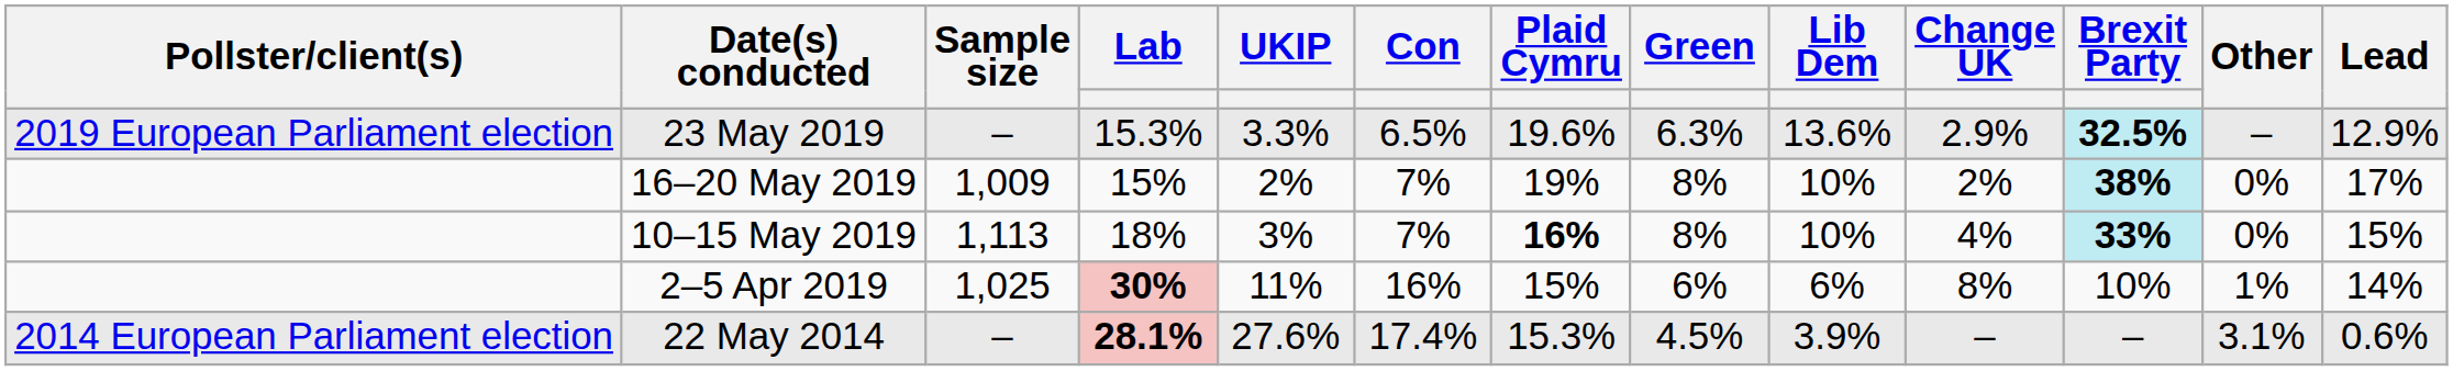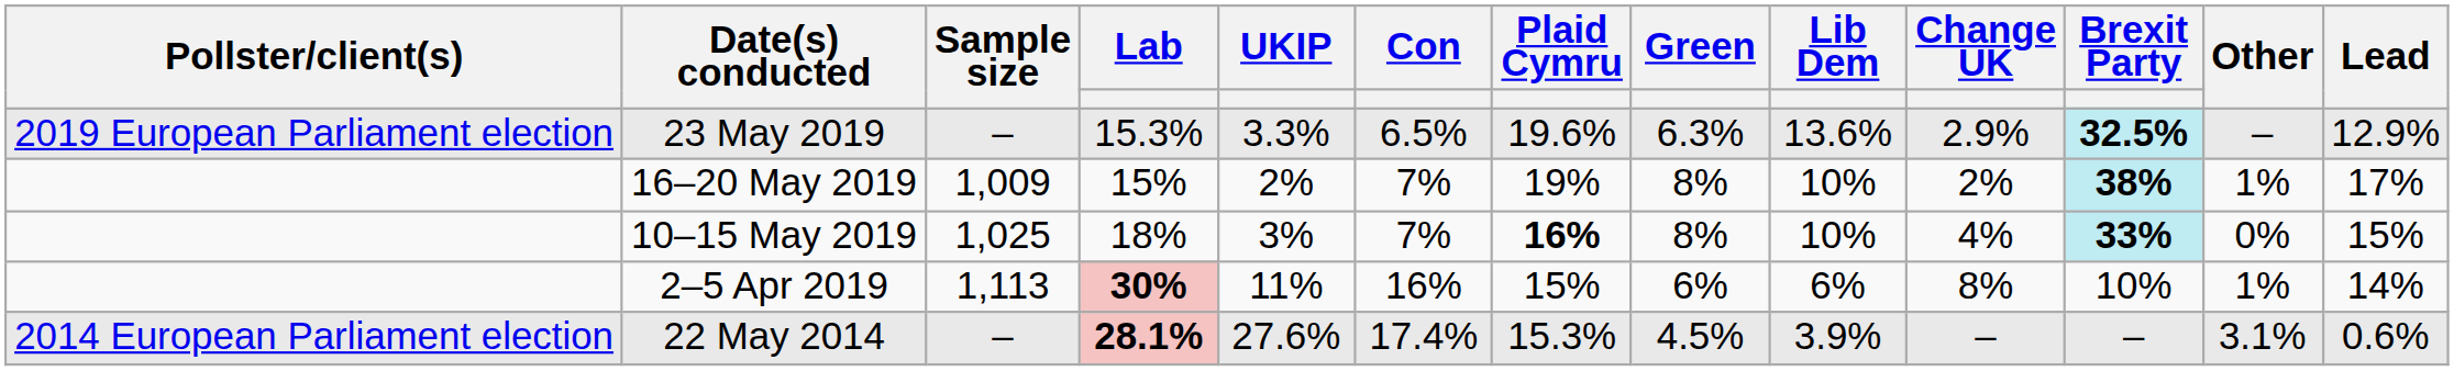 <table class="wikitable sortable mw-datatable" style="text-align:center;line-height:14px;">
 <tr>
 <th rowspan="2">Pollster/client(s)</th>
 <th rowspan="2">Date(s)<br>conducted</th>
 <th rowspan="2">Sample<br>size</th>
 <th class="unsortable" style="width:50px;"><a href='#'>Lab</a></th>
 <th class="unsortable" style="width:50px;"><a href='#'>UKIP</a></th>
 <th class="unsortable" style="width:50px;"><a href='#'>Con</a></th>
 <th class="unsortable" style="width:50px;"><a href='#'>Plaid Cymru</a></th>
 <th class="unsortable" style="width:50px;"><a href='#'>Green</a></th>
 <th class="unsortable" style="width:50px;"><a href='#'>Lib Dem</a></th>
 <th class="unsortable" style="width:50px;"><a href='#'>Change UK</a></th>
 <th class="unsortable" style="width:50px;"><a href='#'>Brexit Party</a></th>
 <th class="unsortable" rowspan="2">Other</th>
 <th data-sort-type="number" rowspan="2">Lead</th>
 </tr>
 <tr>
 <th data-sort-type="number" style="background:"></th>
 <th data-sort-type="number" style="background:"></th>
 <th data-sort-type="number" style="background:"></th>
 <th data-sort-type="number" style="background:"></th>
 <th data-sort-type="number" style="background:"></th>
 <th data-sort-type="number" style="background:"></th>
 <th data-sort-type="number" style="background:"></th>
 <th data-sort-type="number" style="background:"></th>
 </tr>
 <tr style="background:#E9E9E9;">
 <td><a href='#'>2019 European Parliament election</a></td>
 <td data-sort-value="2019-05-23">23 May 2019</td>
 <td>–</td>
 <td>15.3%</td>
 <td>3.3%</td>
 <td>6.5%</td>
 <td>19.6%</td>
 <td>6.3%</td>
 <td>13.6%</td>
 <td>2.9%</td>
 <td style="background:#BFEBF2;"><strong>32.5%</strong></td>
 <td>–</td>
 <td style="background:">12.9%</td>
 </tr>
 <tr>
 <td></td>
 <td data-sort-value="2019-05-20">16–20 May 2019</td>
 <td>1,009</td>
 <td>15%</td>
 <td>2%</td>
 <td>7%</td>
 <td>19%</td>
 <td>8%</td>
 <td>10%</td>
 <td>2%</td>
 <td style="background:#BFEBF2;"><strong>38%</strong></td>
-<td>0%</td>
+<td>1%</td>
 <td style="background:">17%</td>
 </tr>
 <tr>
 <td></td>
 <td data-sort-value="2019-05-15">10–15 May 2019</td>
-<td>1,113</td>
+<td>1,025</td>
 <td>18%</td>
 <td>3%</td>
 <td>7%</td>
 <td><strong>16%</strong></td>
 <td>8%</td>
 <td>10%</td>
 <td>4%</td>
 <td style="background:#BFEBF2;"><strong>33%</strong></td>
 <td>0%</td>
 <td style="background:">15%</td>
 </tr>
 <tr>
 <td></td>
 <td data-sort-value="2019-04-05">2–5 Apr 2019</td>
-<td>1,025</td>
+<td>1,113</td>
 <td style="background:#F5C3C2;"><strong>30%</strong></td>
 <td>11%</td>
 <td>16%</td>
 <td>15%</td>
 <td>6%</td>
 <td>6%</td>
 <td>8%</td>
 <td>10%</td>
 <td>1%</td>
 <td style="background:">14%</td>
 </tr>
 <tr style="background:#E9E9E9;">
 <td><a href='#'>2014 European Parliament election</a></td>
 <td data-sort-value="2014-05-22">22 May 2014</td>
 <td>–</td>
 <td style="background:#F5C3C2;"><strong>28.1%</strong></td>
 <td>27.6%</td>
 <td>17.4%</td>
 <td>15.3%</td>
 <td>4.5%</td>
 <td>3.9%</td>
 <td>–</td>
 <td>–</td>
 <td>3.1%</td>
 <td style="background:">0.6%</td>
 </tr>
 </table>
